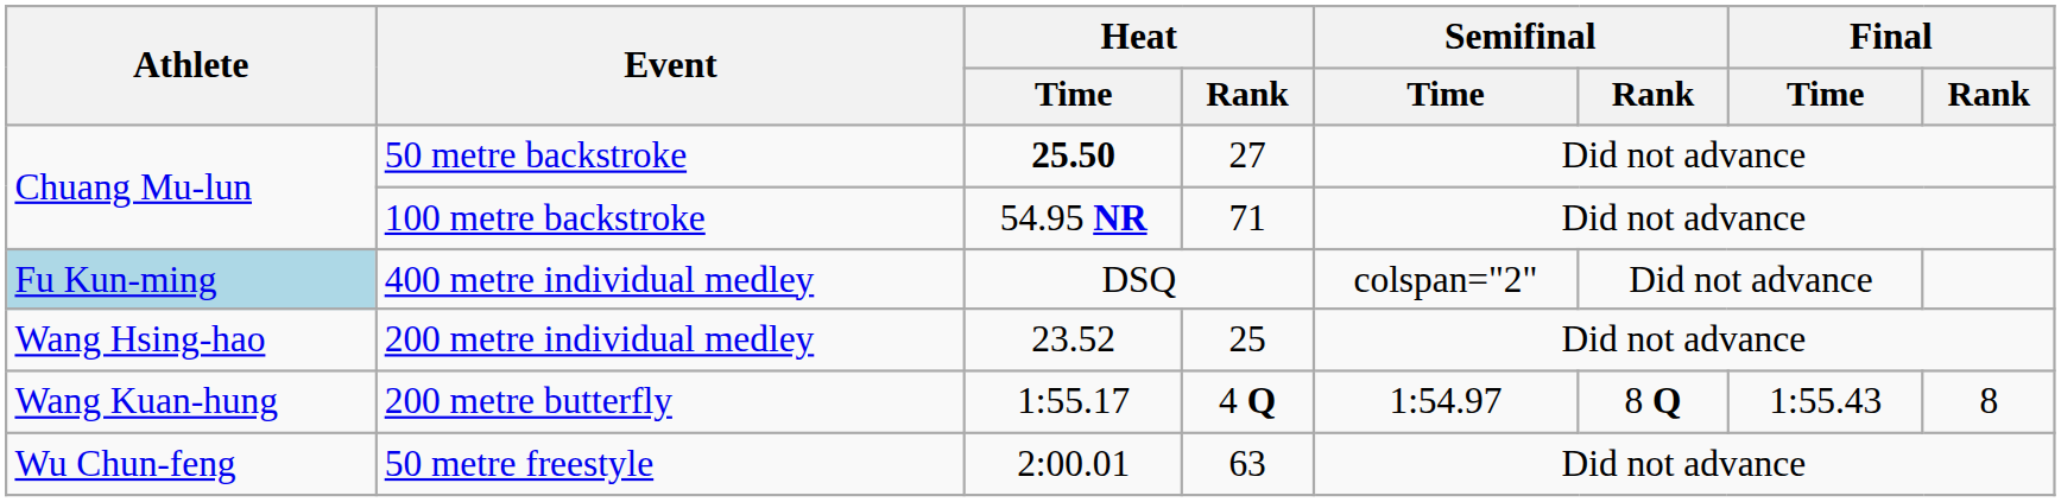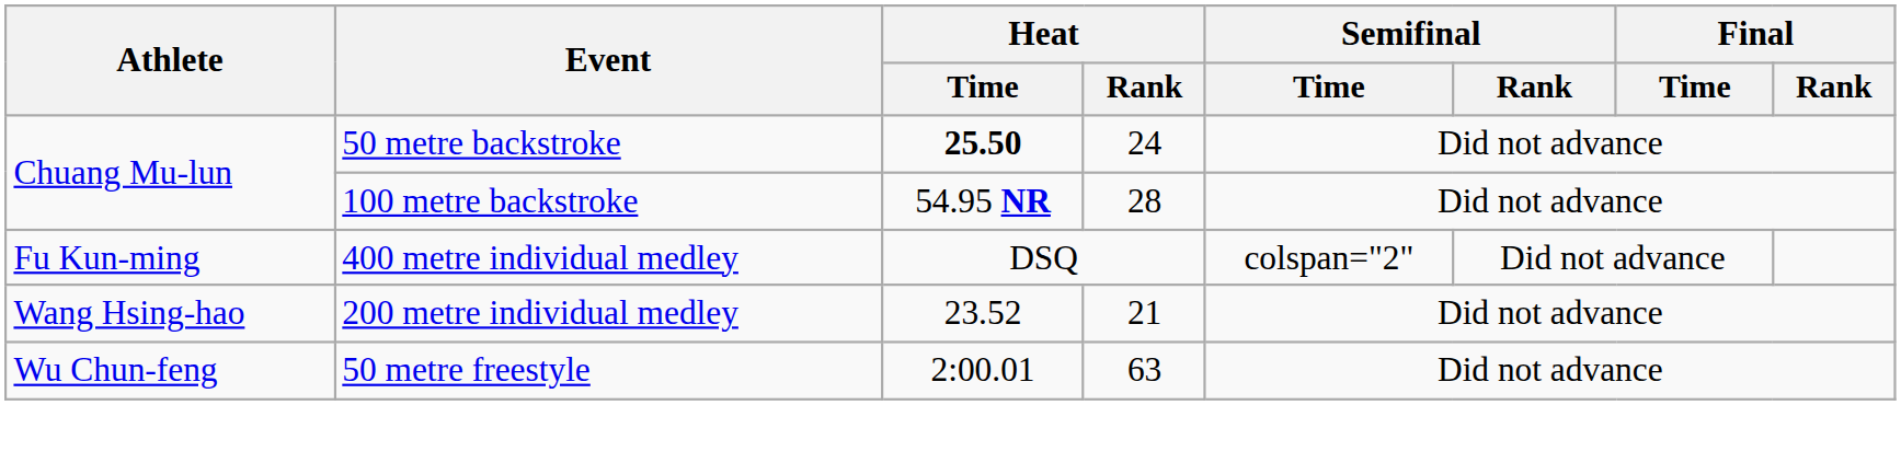 <table class="wikitable" style="text-align:center; font-size:90%; width:50%;">
 <tr>
 <th rowspan="2">Athlete</th>
 <th rowspan="2">Event</th>
 <th colspan="2">Heat</th>
 <th colspan="2">Semifinal</th>
 <th colspan="2">Final</th>
 </tr>
 <tr style="font-size:95%">
 <th>Time</th>
 <th>Rank</th>
 <th>Time</th>
 <th>Rank</th>
 <th>Time</th>
 <th>Rank</th>
 </tr>
 <tr>
 <td align=left rowspan=2><a href='#'>Chuang Mu-lun</a></td>
 <td align=left><a href='#'>50 metre backstroke</a></td>
 <td><strong>25.50</strong></td>
-<td>27</td>
+<td>24</td>
 <td colspan=4>Did not advance</td>
 </tr>
 <tr>
 <td align=left><a href='#'>100 metre backstroke</a></td>
 <td>54.95 <strong><a href='#'>NR</a></strong></td>
-<td>71</td>
+<td>28</td>
 <td colspan=4>Did not advance</td>
 </tr>
 <tr align=center>
-<td align=left style="background: lightblue;"><a href='#'>Fu Kun-ming</a></td>
+<td align=left><a href='#'>Fu Kun-ming</a></td>
 <td align=left><a href='#'>400 metre individual medley</a></td>
 <td colspan="2">DSQ</td>
 <td>colspan="2" </td>
 <td colspan="2">Did not advance</td>
 </tr>
 <tr>
 <td align=left><a href='#'>Wang Hsing-hao</a></td>
 <td align=left><a href='#'>200 metre individual medley</a></td>
 <td>23.52</td>
-<td>25</td>
+<td>21</td>
 <td colspan=4>Did not advance</td>
-</tr>
-<tr align=center>
-<td align=left><a href='#'>Wang Kuan-hung</a></td>
-<td align=left><a href='#'>200 metre butterfly</a></td>
-<td>1:55.17</td>
-<td>4 <strong>Q</strong></td>
-<td>1:54.97</td>
-<td>8 <strong>Q</strong></td>
-<td>1:55.43</td>
-<td>8</td>
 </tr>
 <tr>
 <td align=left><a href='#'>Wu Chun-feng</a></td>
 <td align=left><a href='#'>50 metre freestyle</a></td>
 <td>2:00.01</td>
 <td>63</td>
 <td colspan=4>Did not advance</td>
 </tr>
 </table>
